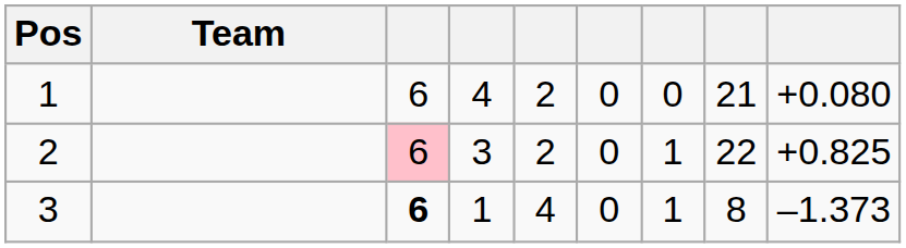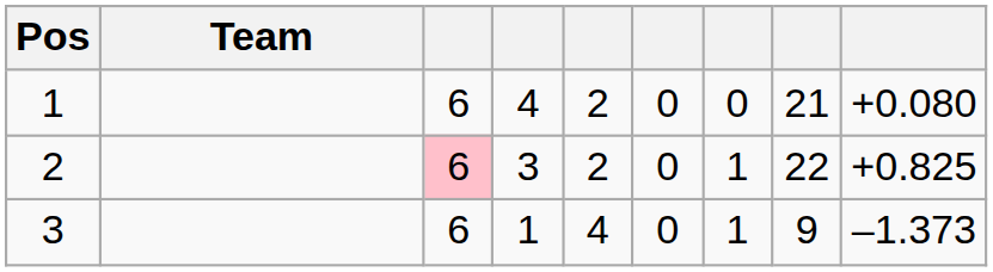 <table class="wikitable" style="text-align:center">
 <tr>
 <th>Pos</th>
 <th width="120">Team</th>
 <th width="20"></th>
 <th width="20"></th>
 <th width="20"></th>
 <th width="20"></th>
 <th width="20"></th>
 <th width="20"></th>
 <th><a href='#'></a></th>
 </tr>
 <tr>
 <td>1</td>
 <td style="text-align:left"></td>
 <td>6</td>
 <td>4</td>
 <td>2</td>
 <td>0</td>
 <td>0</td>
 <td>21</td>
 <td>+0.080</td>
 </tr>
 <tr>
 <td>2</td>
 <td style="text-align:left"></td>
 <td style="background: pink;">6</td>
 <td>3</td>
 <td>2</td>
 <td>0</td>
 <td>1</td>
 <td>22</td>
 <td>+0.825</td>
 </tr>
 <tr>
 <td>3</td>
 <td style="text-align:left"></td>
-<td><strong>6</strong></td>
+<td>6</td>
 <td>1</td>
 <td>4</td>
 <td>0</td>
 <td>1</td>
-<td>8</td>
+<td>9</td>
 <td>–1.373</td>
 </tr>
 </table>
